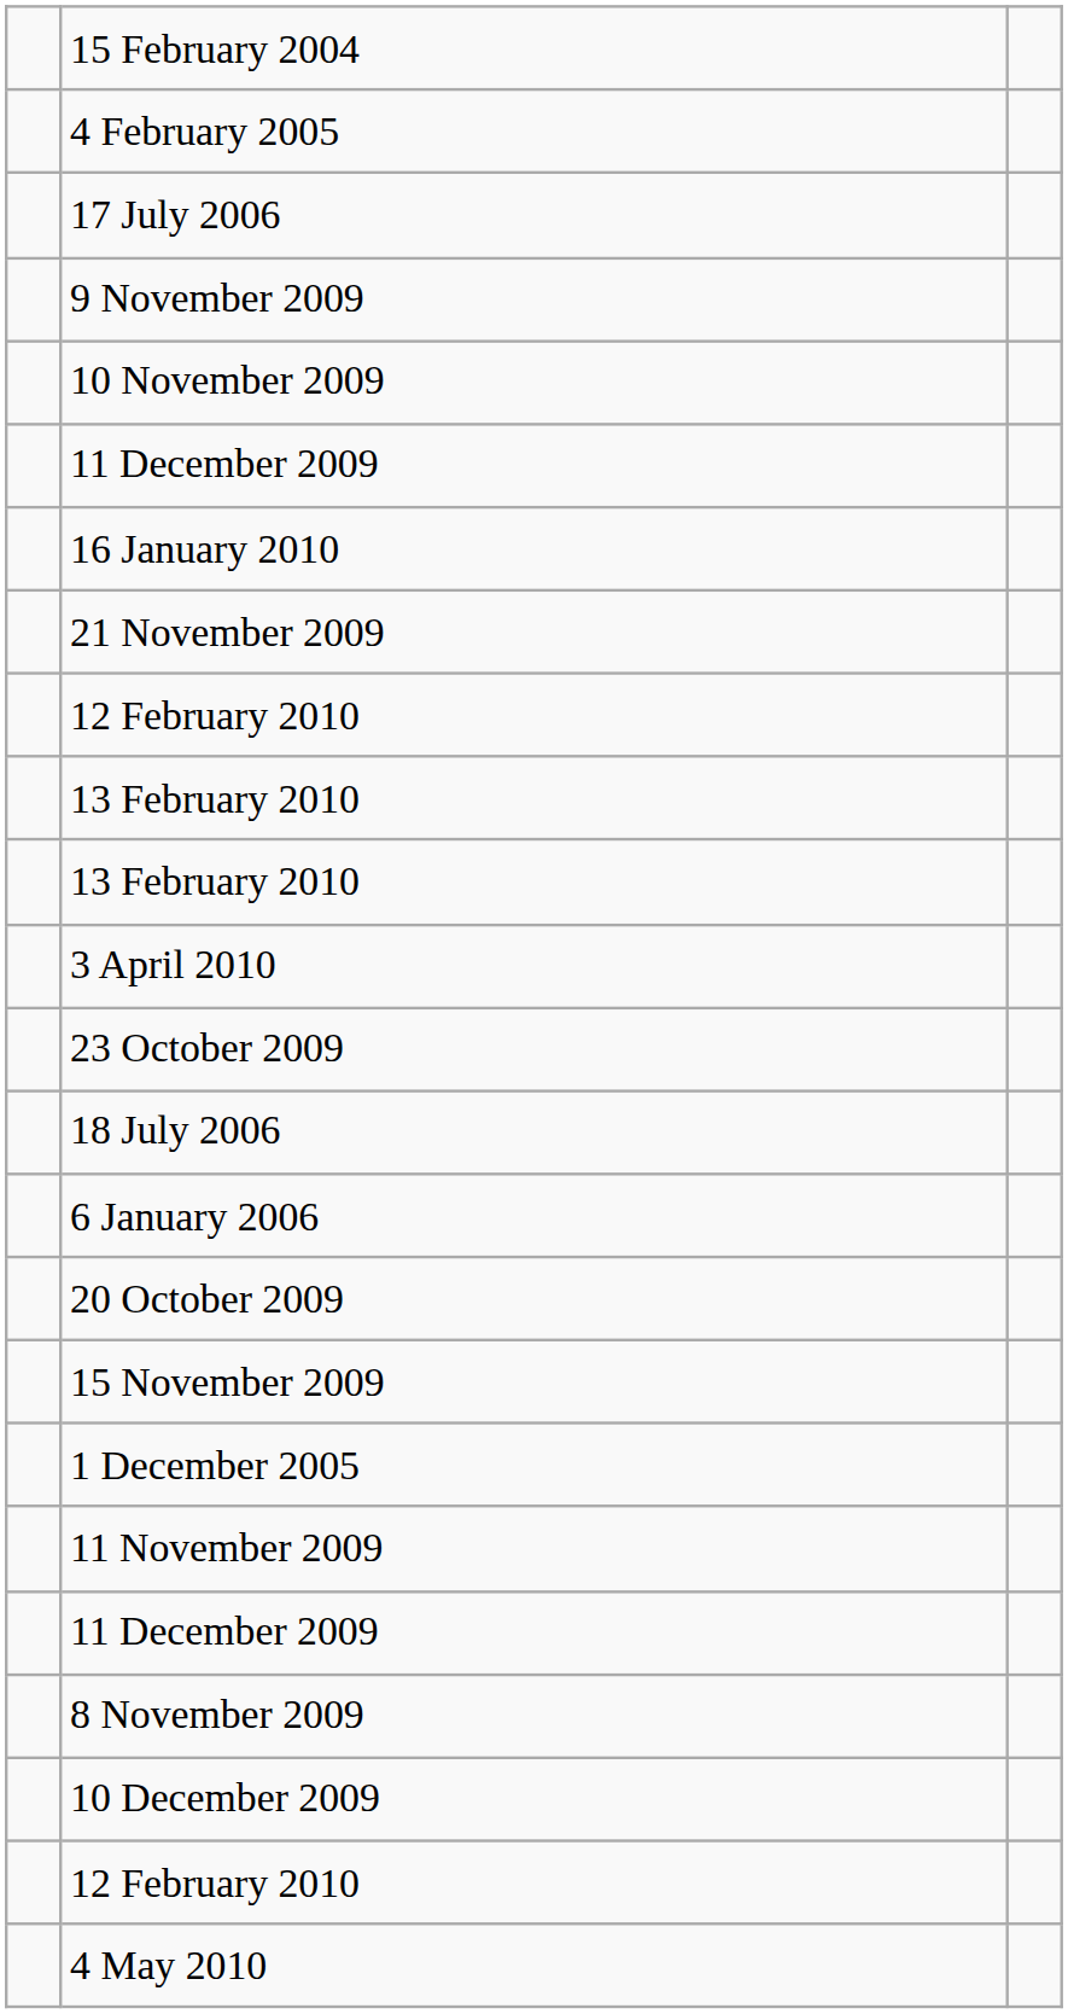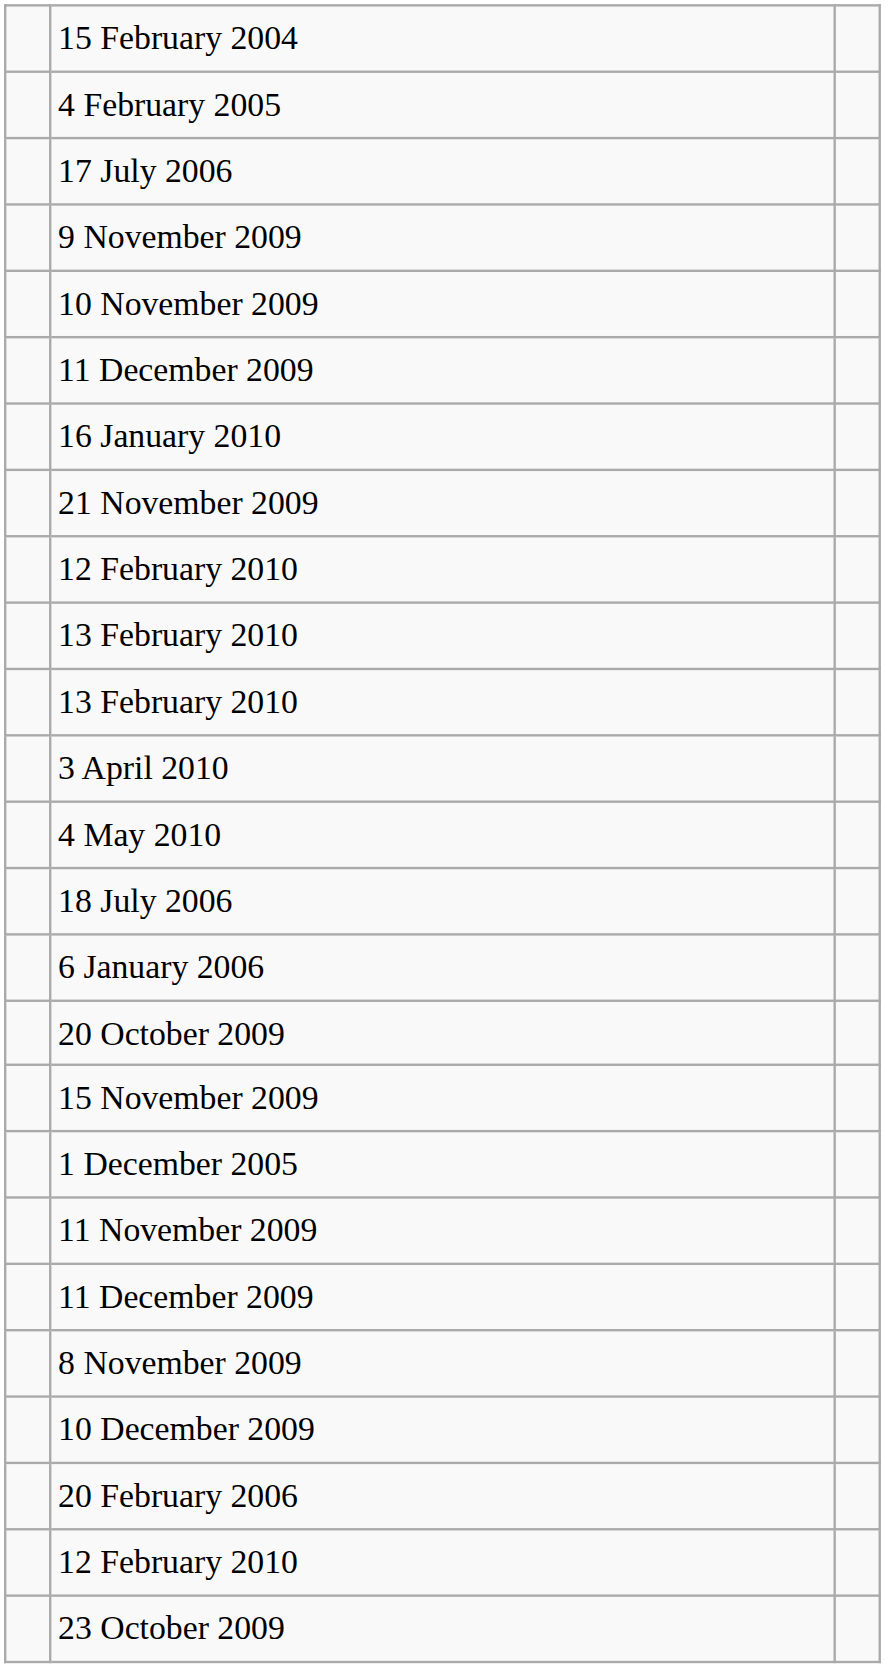 <table class="wikitable" style="font-size: 89%; float: left; width: 26em; margin-right: 1em; height: 700px;">
 <tr>
 <td></td>
 <td>15 February 2004</td>
 <td></td>
 </tr>
 <tr>
 <td></td>
 <td>4 February 2005</td>
 <td></td>
 </tr>
 <tr>
 <td></td>
 <td>17 July 2006</td>
 <td></td>
 </tr>
 <tr>
 <td></td>
 <td>9 November 2009</td>
 <td></td>
 </tr>
 <tr>
 <td></td>
 <td>10 November 2009</td>
 <td></td>
 </tr>
 <tr>
 <td></td>
 <td>11 December 2009</td>
 <td></td>
 </tr>
 <tr>
 <td></td>
 <td>16 January 2010</td>
 <td></td>
 </tr>
 <tr>
 <td></td>
 <td>21 November 2009</td>
 <td></td>
 </tr>
 <tr>
 <td></td>
 <td>12 February 2010</td>
 <td></td>
 </tr>
 <tr>
 <td></td>
 <td>13 February 2010</td>
 <td></td>
 </tr>
 <tr>
 <td></td>
 <td>13 February 2010</td>
 <td></td>
 </tr>
 <tr>
 <td></td>
 <td>3 April 2010</td>
 <td></td>
 </tr>
 <tr>
 <td></td>
-<td>23 October 2009</td>
+<td>4 May 2010</td>
 <td></td>
 </tr>
 <tr>
 <td></td>
 <td>18 July 2006</td>
 <td></td>
 </tr>
 <tr>
 <td></td>
 <td>6 January 2006</td>
 <td></td>
 </tr>
 <tr>
 <td></td>
 <td>20 October 2009</td>
 <td></td>
 </tr>
 <tr>
 <td></td>
 <td>15 November 2009</td>
 <td></td>
 </tr>
 <tr>
 <td></td>
 <td>1 December 2005</td>
 <td></td>
 </tr>
 <tr>
 <td></td>
 <td>11 November 2009</td>
 <td></td>
 </tr>
 <tr>
 <td></td>
 <td>11 December 2009</td>
 <td></td>
 </tr>
 <tr>
 <td></td>
 <td>8 November 2009</td>
 <td></td>
 </tr>
 <tr>
 <td></td>
 <td>10 December 2009</td>
 <td></td>
 </tr>
 <tr>
 <td></td>
+<td>20 February 2006</td>
+<td></td>
+</tr>
+<tr>
+<td></td>
 <td>12 February 2010</td>
 <td></td>
 </tr>
 <tr>
 <td></td>
-<td>4 May 2010</td>
+<td>23 October 2009</td>
 <td></td>
 </tr>
 </table>
